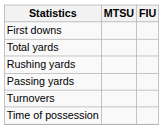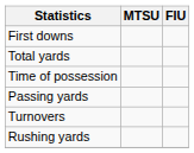 <table class="wikitable" style="float: left;">
 <tr>
 <th>Statistics</th>
 <th>MTSU</th>
 <th>FIU</th>
 </tr>
 <tr>
 <td>First downs</td>
 <td></td>
 <td></td>
 </tr>
 <tr>
 <td>Total yards</td>
 <td></td>
 <td></td>
 </tr>
 <tr>
-<td>Rushing yards</td>
+<td>Time of possession</td>
 <td></td>
 <td></td>
 </tr>
 <tr>
 <td>Passing yards</td>
 <td></td>
 <td></td>
 </tr>
 <tr>
 <td>Turnovers</td>
 <td></td>
 <td></td>
 </tr>
 <tr>
-<td>Time of possession</td>
+<td>Rushing yards</td>
 <td></td>
 <td></td>
 </tr>
 <tr>
 </tr>
 </table>
